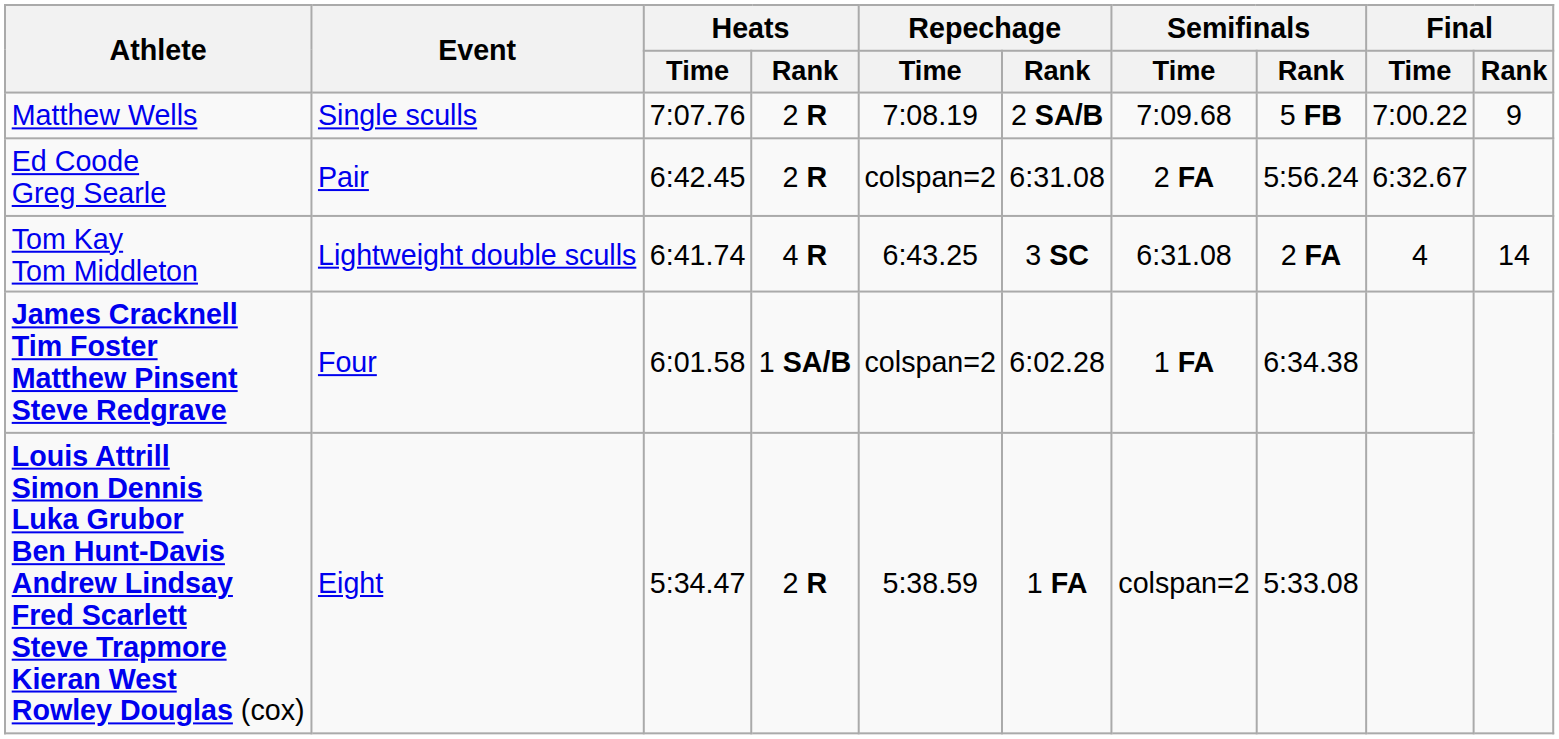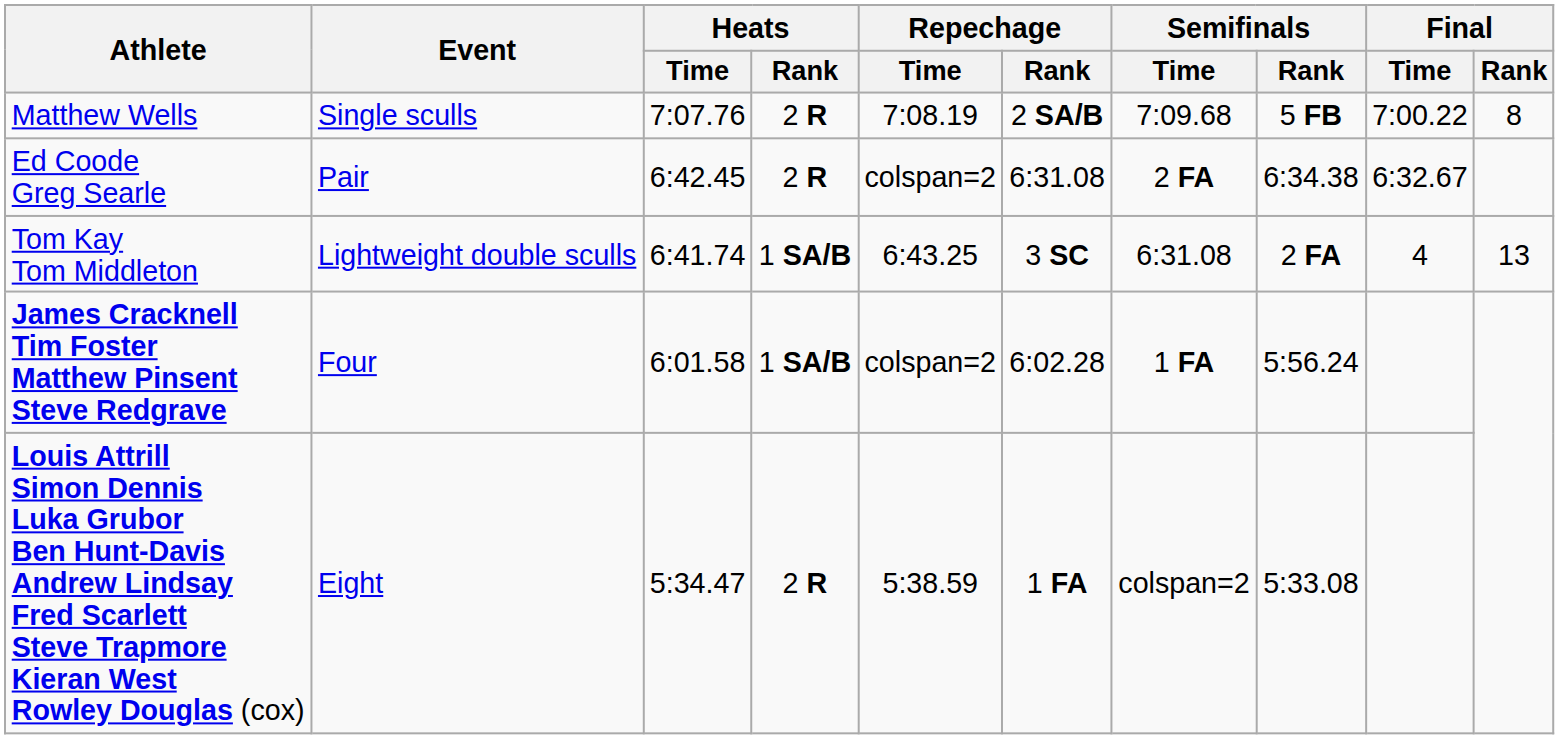 <table class="wikitable" style="font-size:90%">
 <tr>
 <th rowspan="2">Athlete</th>
 <th rowspan="2">Event</th>
 <th colspan="2">Heats</th>
 <th colspan="2">Repechage</th>
 <th colspan="2">Semifinals</th>
 <th colspan="2">Final</th>
 </tr>
 <tr style="font-size:95%">
 <th>Time</th>
 <th>Rank</th>
 <th>Time</th>
 <th>Rank</th>
 <th>Time</th>
 <th>Rank</th>
 <th>Time</th>
 <th>Rank</th>
 </tr>
 <tr align=center>
 <td align=left><a href='#'>Matthew Wells</a></td>
 <td align=left><a href='#'>Single sculls</a></td>
 <td>7:07.76</td>
 <td>2 <strong>R</strong></td>
 <td>7:08.19</td>
 <td>2 <strong>SA/B</strong></td>
 <td>7:09.68</td>
 <td>5 <strong>FB</strong></td>
 <td>7:00.22</td>
-<td>9</td>
+<td>8</td>
 </tr>
 <tr align=center>
 <td align=left><a href='#'>Ed Coode</a><br><a href='#'>Greg Searle</a></td>
 <td align=left><a href='#'>Pair</a></td>
 <td>6:42.45</td>
 <td>2 <strong>R</strong></td>
 <td>colspan=2 </td>
 <td>6:31.08</td>
 <td>2 <strong>FA</strong></td>
-<td>5:56.24</td>
+<td>6:34.38</td>
 <td>6:32.67</td>
 </tr>
 <tr align=center>
 <td align=left><a href='#'>Tom Kay</a><br><a href='#'>Tom Middleton</a></td>
 <td align=left><a href='#'>Lightweight double sculls</a></td>
 <td>6:41.74</td>
-<td>4 <strong>R</strong></td>
+<td>1 <strong>SA/B</strong></td>
 <td>6:43.25</td>
 <td>3 <strong>SC</strong></td>
 <td>6:31.08</td>
 <td>2 <strong>FA</strong></td>
 <td>4</td>
-<td>14</td>
+<td>13</td>
 </tr>
 <tr align=center>
 <td align=left><strong><a href='#'>James Cracknell</a><br><a href='#'>Tim Foster</a><br><a href='#'>Matthew Pinsent</a><br><a href='#'>Steve Redgrave</a></strong></td>
 <td align=left><a href='#'>Four</a></td>
 <td>6:01.58</td>
 <td>1 <strong>SA/B</strong></td>
 <td>colspan=2 </td>
 <td>6:02.28</td>
 <td>1 <strong>FA</strong></td>
-<td>6:34.38</td>
+<td>5:56.24</td>
 <td></td>
 </tr>
 <tr align=center>
 <td align=left><strong><a href='#'>Louis Attrill</a><br><a href='#'>Simon Dennis</a><br><a href='#'>Luka Grubor</a><br><a href='#'>Ben Hunt-Davis</a><br><a href='#'>Andrew Lindsay</a><br><a href='#'>Fred Scarlett</a><br><a href='#'>Steve Trapmore</a><br><a href='#'>Kieran West</a><br><a href='#'>Rowley Douglas</a></strong> (cox)</td>
 <td align=left><a href='#'>Eight</a></td>
 <td>5:34.47</td>
 <td>2 <strong>R</strong></td>
 <td>5:38.59</td>
 <td>1 <strong>FA</strong></td>
 <td>colspan=2 </td>
 <td>5:33.08</td>
 <td></td>
 </tr>
 </table>
